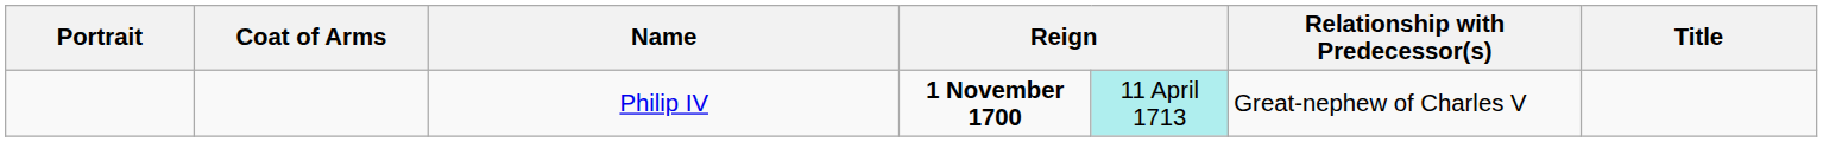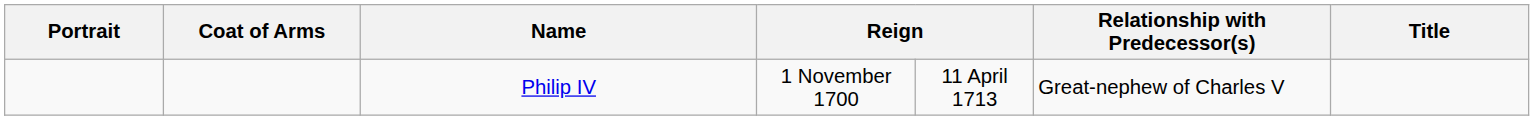 <table width=95% class="wikitable">
 <tr>
 <th width=8%>Portrait</th>
 <th width=10%>Coat of Arms</th>
 <th width=20%>Name</th>
 <th colspan=2 width=14%>Reign</th>
 <th width=15%>Relationship with Predecessor(s)</th>
 <th width=10%>Title</th>
 </tr>
 <tr>
 <td align="center"></td>
 <td align="center"></td>
 <td align="center"><a href='#'>Philip IV</a></td>
-<td align="center"><strong>1 November 1700</strong></td>
-<td align="center" style="background: paleturquoise;">11 April 1713</td>
+<td align="center">1 November 1700</td>
+<td align="center">11 April 1713</td>
 <td>Great-nephew of Charles V</td>
 <td align="center"></td>
 </tr>
 </table>
